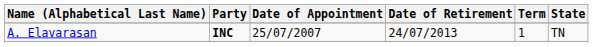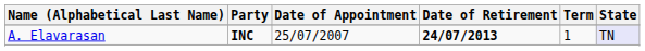 <table class="wikitable sortable">
 <tr>
 <th>Name (Alphabetical Last Name)</th>
 <th>Party</th>
 <th>Date of Appointment</th>
 <th>Date of Retirement</th>
 <th>Term</th>
 <th>State</th>
 </tr>
 <tr>
 </tr>
 <tr>
 <td><a href='#'>A. Elavarasan</a></td>
 <td><strong>INC</strong></td>
 <td>25/07/2007</td>
-<td>24/07/2013</td>
+<td><strong>24/07/2013</strong></td>
 <td>1</td>
-<td>TN</td>
+<td style="background: lavender;">TN</td>
 </tr>
 <tr>
 </tr>
 <tr>
 </tr>
 </table>
